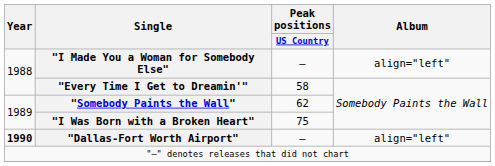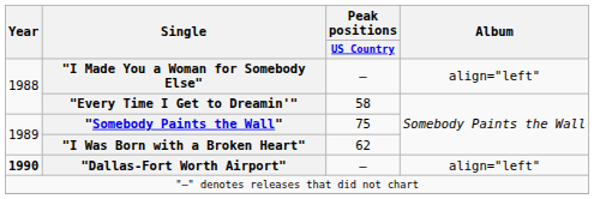 <table class="wikitable plainrowheaders" style="text-align:center;">
 <tr>
 <th rowspan="2">Year</th>
 <th rowspan="2" style="width:22em;">Single</th>
 <th colspan="1">Peak positions</th>
 <th rowspan="2">Album</th>
 </tr>
 <tr style="font-size:smaller;">
 <th width="65"><a href='#'>US Country</a><br></th>
 </tr>
 <tr>
 <td rowspan="2">1988</td>
 <th scope="row">"I Made You a Woman for Somebody Else"</th>
 <td>—</td>
 <td>align="left" </td>
 </tr>
 <tr>
 <th scope="row">"Every Time I Get to Dreamin'"</th>
 <td>58</td>
 <td align="left" rowspan="3"><em>Somebody Paints the Wall</em></td>
 </tr>
 <tr>
 <td rowspan="2">1989</td>
 <th scope="row">"<a href='#'>Somebody Paints the Wall</a>"</th>
-<td>62</td>
+<td>75</td>
 </tr>
 <tr>
 <th scope="row">"I Was Born with a Broken Heart"</th>
-<td>75</td>
+<td>62</td>
 </tr>
 <tr>
 <td><strong>1990</strong></td>
 <th scope="row">"Dallas-Fort Worth Airport"</th>
 <td>—</td>
 <td>align="left" </td>
 </tr>
 <tr>
 <td colspan="4" style="font-size:8pt">"—" denotes releases that did not chart</td>
 </tr>
 <tr>
 </tr>
 </table>
